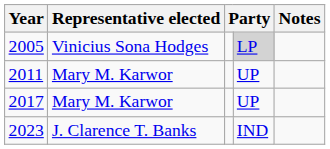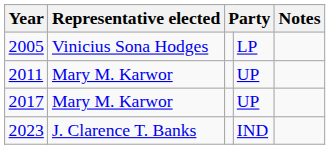 <table class="wikitable">
 <tr>
 <th>Year</th>
 <th>Representative elected</th>
 <th colspan=2>Party</th>
 <th>Notes</th>
 </tr>
 <tr>
 <td><a href='#'>2005</a></td>
 <td><a href='#'>Vinicius Sona Hodges</a></td>
 <td></td>
-<td style="background: lightgrey;"><a href='#'>LP</a></td>
+<td><a href='#'>LP</a></td>
 <td></td>
 </tr>
 <tr>
 <td><a href='#'>2011</a></td>
 <td><a href='#'>Mary M. Karwor</a></td>
 <td></td>
 <td><a href='#'>UP</a></td>
 <td></td>
 </tr>
 <tr>
 <td><a href='#'>2017</a></td>
 <td><a href='#'>Mary M. Karwor</a></td>
 <td></td>
 <td><a href='#'>UP</a></td>
 <td></td>
 </tr>
 <tr>
 <td><a href='#'>2023</a></td>
 <td><a href='#'>J. Clarence T. Banks</a></td>
 <td></td>
 <td><a href='#'>IND</a></td>
 <td></td>
 </tr>
 </table>
